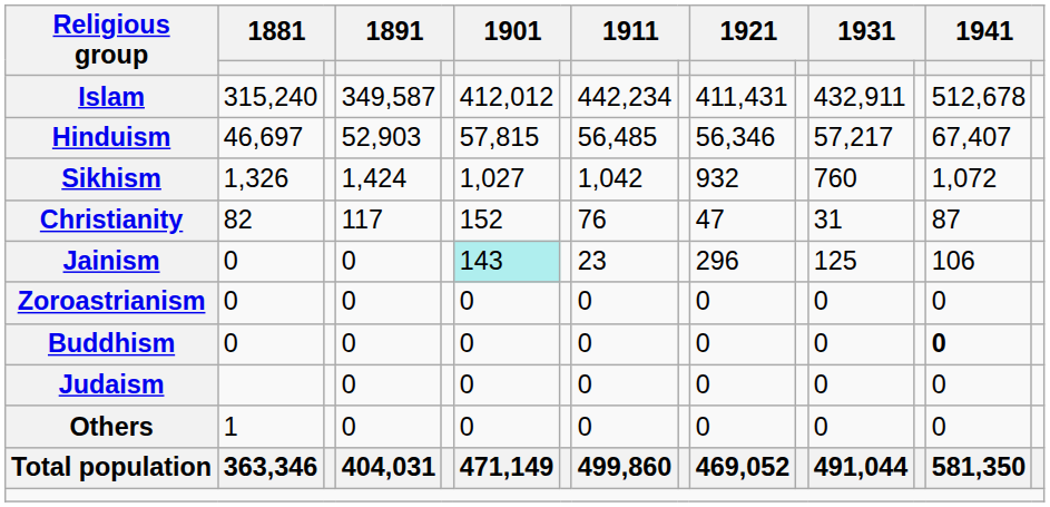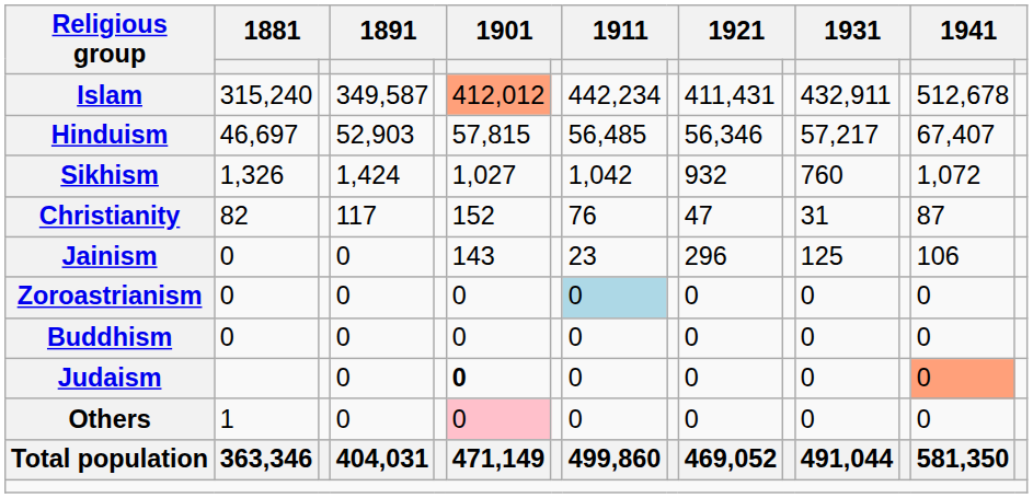 <table class="wikitable sortable">
 <tr>
 <th rowspan="2"><a href='#'>Religious</a><br>group</th>
 <th colspan="2">1881</th>
 <th colspan="2">1891</th>
 <th colspan="2">1901</th>
 <th colspan="2">1911</th>
 <th colspan="2">1921</th>
 <th colspan="2">1931</th>
 <th colspan="2">1941</th>
 </tr>
 <tr>
 <th><a href='#'></a></th>
 <th></th>
 <th></th>
 <th></th>
 <th></th>
 <th></th>
 <th></th>
 <th></th>
 <th></th>
 <th></th>
 <th></th>
 <th></th>
 <th></th>
 <th></th>
 </tr>
 <tr>
 <th><a href='#'>Islam</a> </th>
 <td>315,240</td>
 <td></td>
 <td>349,587</td>
 <td></td>
-<td>412,012</td>
+<td style="background: lightsalmon;">412,012</td>
 <td></td>
 <td>442,234</td>
 <td></td>
 <td>411,431</td>
 <td></td>
 <td>432,911</td>
 <td></td>
 <td>512,678</td>
 <td></td>
 </tr>
 <tr>
 <th><a href='#'>Hinduism</a> </th>
 <td>46,697</td>
 <td></td>
 <td>52,903</td>
 <td></td>
 <td>57,815</td>
 <td></td>
 <td>56,485</td>
 <td></td>
 <td>56,346</td>
 <td></td>
 <td>57,217</td>
 <td></td>
 <td>67,407</td>
 <td></td>
 </tr>
 <tr>
 <th><a href='#'>Sikhism</a> </th>
 <td>1,326</td>
 <td></td>
 <td>1,424</td>
 <td></td>
 <td>1,027</td>
 <td></td>
 <td>1,042</td>
 <td></td>
 <td>932</td>
 <td></td>
 <td>760</td>
 <td></td>
 <td>1,072</td>
 <td></td>
 </tr>
 <tr>
 <th><a href='#'>Christianity</a> </th>
 <td>82</td>
 <td></td>
 <td>117</td>
 <td></td>
 <td>152</td>
 <td></td>
 <td>76</td>
 <td></td>
 <td>47</td>
 <td></td>
 <td>31</td>
 <td></td>
 <td>87</td>
 <td></td>
 </tr>
 <tr>
 <th><a href='#'>Jainism</a> </th>
 <td>0</td>
 <td></td>
 <td>0</td>
 <td></td>
-<td style="background: paleturquoise;">143</td>
+<td>143</td>
 <td></td>
 <td>23</td>
 <td></td>
 <td>296</td>
 <td></td>
 <td>125</td>
 <td></td>
 <td>106</td>
 <td></td>
 </tr>
 <tr>
 <th><a href='#'>Zoroastrianism</a> </th>
 <td>0</td>
 <td></td>
 <td>0</td>
 <td></td>
 <td>0</td>
 <td></td>
-<td>0</td>
+<td style="background: lightblue;">0</td>
 <td></td>
 <td>0</td>
 <td></td>
 <td>0</td>
 <td></td>
 <td>0</td>
 <td></td>
 </tr>
 <tr>
 <th><a href='#'>Buddhism</a> </th>
 <td>0</td>
 <td></td>
 <td>0</td>
 <td></td>
 <td>0</td>
 <td></td>
 <td>0</td>
 <td></td>
 <td>0</td>
 <td></td>
 <td>0</td>
 <td></td>
-<td><strong>0</strong></td>
+<td>0</td>
 <td></td>
 </tr>
 <tr>
 <th><a href='#'>Judaism</a> </th>
 <td></td>
 <td></td>
 <td>0</td>
 <td></td>
-<td>0</td>
+<td><strong>0</strong></td>
 <td></td>
 <td>0</td>
 <td></td>
 <td>0</td>
 <td></td>
 <td>0</td>
 <td></td>
-<td>0</td>
+<td style="background: lightsalmon;">0</td>
 <td></td>
 </tr>
 <tr>
 <th>Others</th>
 <td>1</td>
 <td></td>
 <td>0</td>
 <td></td>
-<td>0</td>
+<td style="background: pink;">0</td>
 <td></td>
 <td>0</td>
 <td></td>
 <td>0</td>
 <td></td>
 <td>0</td>
 <td></td>
 <td>0</td>
 <td></td>
 </tr>
 <tr>
 <th>Total population</th>
 <th>363,346</th>
 <th></th>
 <th>404,031</th>
 <th></th>
 <th>471,149</th>
 <th></th>
 <th>499,860</th>
 <th></th>
 <th>469,052</th>
 <th></th>
 <th>491,044</th>
 <th></th>
 <th>581,350</th>
 <th></th>
 </tr>
 <tr class="sortbottom">
 <td colspan="15"></td>
 </tr>
 </table>
